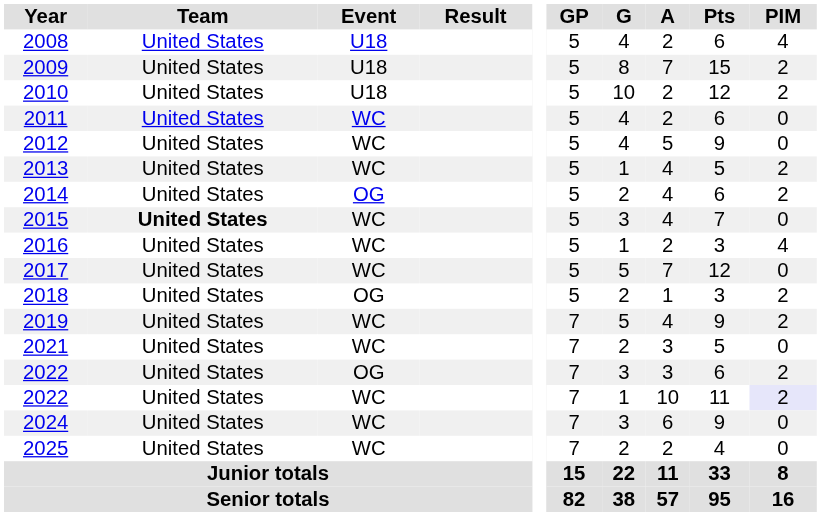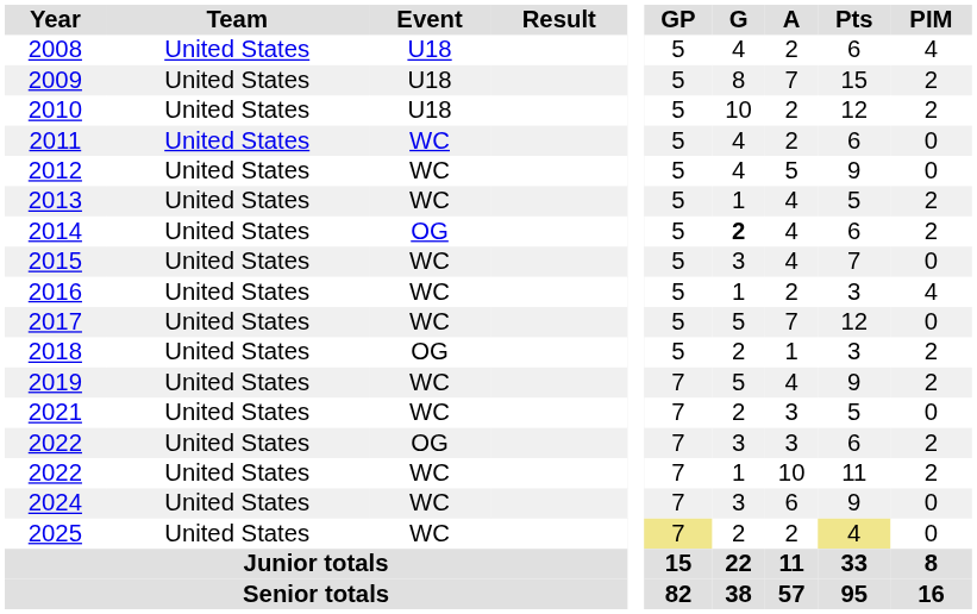 <table border="0" cellpadding="1" cellspacing="0" style="text-align:center; width:40em">
 <tr ALIGN="centre" bgcolor="#e0e0e0">
 <th>Year</th>
 <th>Team</th>
 <th>Event</th>
 <th>Result</th>
 <th rowspan="97" bgcolor="#ffffff"> </th>
 <th>GP</th>
 <th>G</th>
 <th>A</th>
 <th>Pts</th>
 <th>PIM</th>
 </tr>
 <tr>
 <td><a href='#'>2008</a></td>
 <td><a href='#'>United States</a></td>
 <td><a href='#'>U18</a></td>
 <td></td>
 <td>5</td>
 <td>4</td>
 <td>2</td>
 <td>6</td>
 <td>4</td>
 </tr>
 <tr bgcolor="#f0f0f0">
 <td><a href='#'>2009</a></td>
 <td>United States</td>
 <td>U18</td>
 <td></td>
 <td>5</td>
 <td>8</td>
 <td>7</td>
 <td>15</td>
 <td>2</td>
 </tr>
 <tr>
 <td><a href='#'>2010</a></td>
 <td>United States</td>
 <td>U18</td>
 <td></td>
 <td>5</td>
 <td>10</td>
 <td>2</td>
 <td>12</td>
 <td>2</td>
 </tr>
 <tr bgcolor="#f0f0f0">
 <td><a href='#'>2011</a></td>
 <td><a href='#'>United States</a></td>
 <td><a href='#'>WC</a></td>
 <td></td>
 <td>5</td>
 <td>4</td>
 <td>2</td>
 <td>6</td>
 <td>0</td>
 </tr>
 <tr>
 <td><a href='#'>2012</a></td>
 <td>United States</td>
 <td>WC</td>
 <td></td>
 <td>5</td>
 <td>4</td>
 <td>5</td>
 <td>9</td>
 <td>0</td>
 </tr>
 <tr bgcolor="#f0f0f0">
 <td><a href='#'>2013</a></td>
 <td>United States</td>
 <td>WC</td>
 <td></td>
 <td>5</td>
 <td>1</td>
 <td>4</td>
 <td>5</td>
 <td>2</td>
 </tr>
 <tr>
 <td><a href='#'>2014</a></td>
 <td>United States</td>
 <td><a href='#'>OG</a></td>
 <td></td>
 <td>5</td>
-<td>2</td>
+<td><strong>2</strong></td>
 <td>4</td>
 <td>6</td>
 <td>2</td>
 </tr>
 <tr bgcolor="#f0f0f0">
 <td><a href='#'>2015</a></td>
-<td><strong>United States</strong></td>
+<td>United States</td>
 <td>WC</td>
 <td></td>
 <td>5</td>
 <td>3</td>
 <td>4</td>
 <td>7</td>
 <td>0</td>
 </tr>
 <tr>
 <td><a href='#'>2016</a></td>
 <td>United States</td>
 <td>WC</td>
 <td></td>
 <td>5</td>
 <td>1</td>
 <td>2</td>
 <td>3</td>
 <td>4</td>
 </tr>
 <tr bgcolor="#f0f0f0">
 <td><a href='#'>2017</a></td>
 <td>United States</td>
 <td>WC</td>
 <td></td>
 <td>5</td>
 <td>5</td>
 <td>7</td>
 <td>12</td>
 <td>0</td>
 </tr>
 <tr>
 <td><a href='#'>2018</a></td>
 <td>United States</td>
 <td>OG</td>
 <td></td>
 <td>5</td>
 <td>2</td>
 <td>1</td>
 <td>3</td>
 <td>2</td>
 </tr>
 <tr bgcolor="#f0f0f0">
 <td><a href='#'>2019</a></td>
 <td>United States</td>
 <td>WC</td>
 <td></td>
 <td>7</td>
 <td>5</td>
 <td>4</td>
 <td>9</td>
 <td>2</td>
 </tr>
 <tr>
 <td><a href='#'>2021</a></td>
 <td>United States</td>
 <td>WC</td>
 <td></td>
 <td>7</td>
 <td>2</td>
 <td>3</td>
 <td>5</td>
 <td>0</td>
 </tr>
 <tr bgcolor="#f0f0f0">
 <td><a href='#'>2022</a></td>
 <td>United States</td>
 <td>OG</td>
 <td></td>
 <td>7</td>
 <td>3</td>
 <td>3</td>
 <td>6</td>
 <td>2</td>
 </tr>
 <tr>
 <td><a href='#'>2022</a></td>
 <td>United States</td>
 <td>WC</td>
 <td></td>
 <td>7</td>
 <td>1</td>
 <td>10</td>
 <td>11</td>
-<td style="background: lavender;">2</td>
+<td>2</td>
 </tr>
 <tr bgcolor="#f0f0f0">
 <td><a href='#'>2024</a></td>
 <td>United States</td>
 <td>WC</td>
 <td></td>
 <td>7</td>
 <td>3</td>
 <td>6</td>
 <td>9</td>
 <td>0</td>
 </tr>
 <tr>
 <td><a href='#'>2025</a></td>
 <td>United States</td>
 <td>WC</td>
 <td></td>
-<td>7</td>
+<td style="background: khaki;">7</td>
 <td>2</td>
 <td>2</td>
-<td>4</td>
+<td style="background: khaki;">4</td>
 <td>0</td>
 </tr>
 <tr ALIGN="centre" bgcolor="#e0e0e0">
 <th colspan=4>Junior totals</th>
 <th>15</th>
 <th>22</th>
 <th>11</th>
 <th>33</th>
 <th>8</th>
 </tr>
 <tr ALIGN="centre" bgcolor="#e0e0e0">
 <th colspan=4>Senior totals</th>
 <th>82</th>
 <th>38</th>
 <th>57</th>
 <th>95</th>
 <th>16</th>
 </tr>
 </table>
